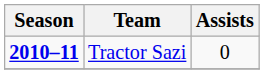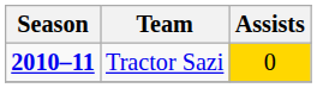 <table class="wikitable" style="text-align: center;">
 <tr>
 <th>Season</th>
 <th>Team</th>
 <th>Assists</th>
 </tr>
 <tr>
 <td><strong><a href='#'>2010–11</a></strong></td>
 <td align="left"><a href='#'>Tractor Sazi</a></td>
-<td>0</td>
+<td style="background: gold;">0</td>
 </tr>
 <tr>
 </tr>
 </table>
